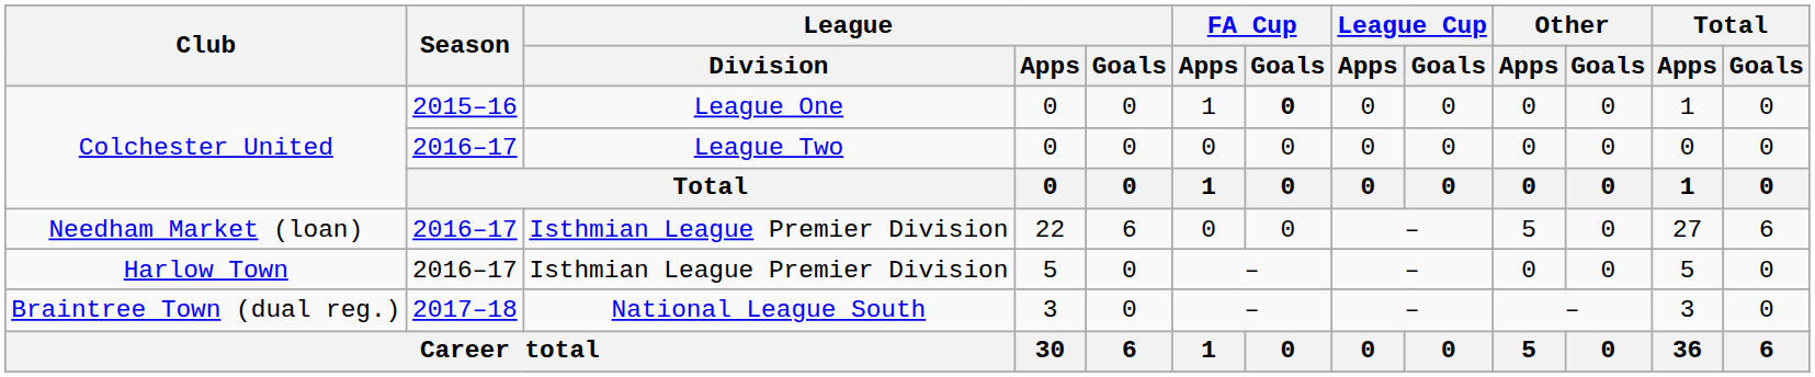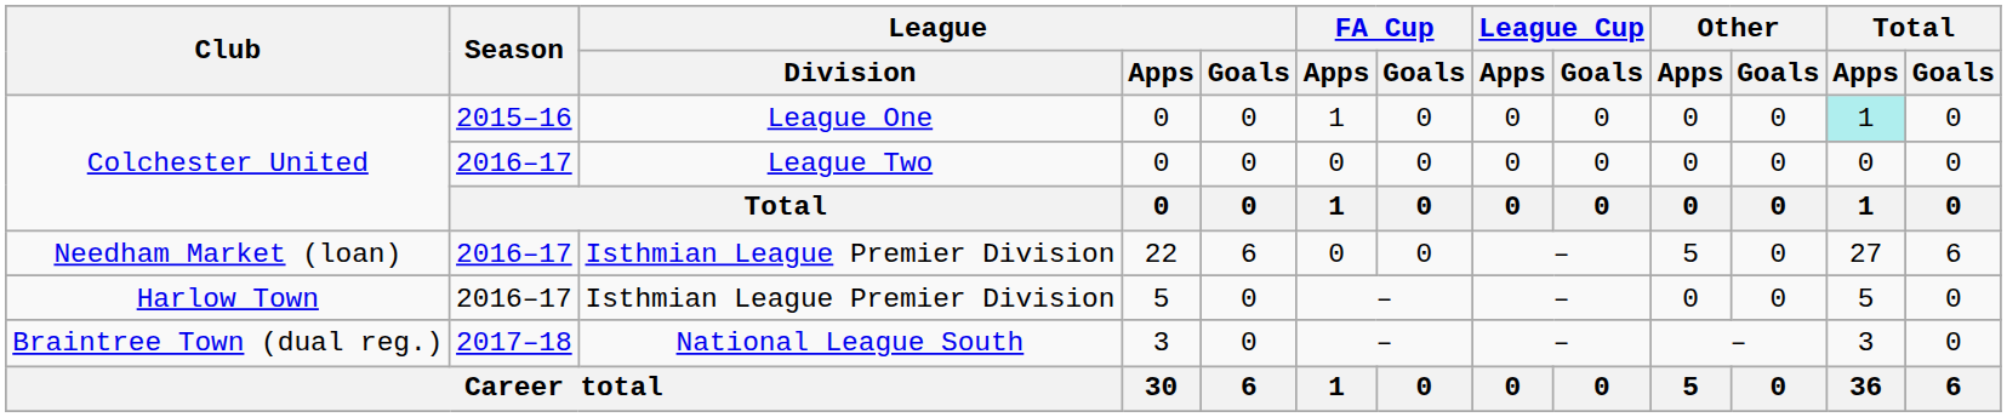 <table class=wikitable style="text-align: center;">
 <tr>
 <th rowspan=2>Club</th>
 <th rowspan=2>Season</th>
 <th colspan=3>League</th>
 <th colspan=2><a href='#'>FA Cup</a></th>
 <th colspan=2><a href='#'>League Cup</a></th>
 <th colspan=2>Other</th>
 <th colspan=2>Total</th>
 </tr>
 <tr>
 <th>Division</th>
 <th>Apps</th>
 <th>Goals</th>
 <th>Apps</th>
 <th>Goals</th>
 <th>Apps</th>
 <th>Goals</th>
 <th>Apps</th>
 <th>Goals</th>
 <th>Apps</th>
 <th>Goals</th>
 </tr>
 <tr>
 <td rowspan="3"><a href='#'>Colchester United</a></td>
 <td><a href='#'>2015–16</a></td>
 <td><a href='#'>League One</a></td>
 <td>0</td>
 <td>0</td>
 <td>1</td>
-<td><strong>0</strong></td>
 <td>0</td>
 <td>0</td>
 <td>0</td>
 <td>0</td>
-<td>1</td>
+<td>0</td>
+<td style="background: paleturquoise;">1</td>
 <td>0</td>
 </tr>
 <tr>
 <td><a href='#'>2016–17</a></td>
 <td><a href='#'>League Two</a></td>
 <td>0</td>
 <td>0</td>
 <td>0</td>
 <td>0</td>
 <td>0</td>
 <td>0</td>
 <td>0</td>
 <td>0</td>
 <td>0</td>
 <td>0</td>
 </tr>
 <tr>
 <th colspan=2>Total</th>
 <th>0</th>
 <th>0</th>
 <th>1</th>
 <th>0</th>
 <th>0</th>
 <th>0</th>
 <th>0</th>
 <th>0</th>
 <th>1</th>
 <th>0</th>
 </tr>
 <tr>
 <td><a href='#'>Needham Market</a> (loan)</td>
 <td><a href='#'>2016–17</a></td>
 <td><a href='#'>Isthmian League</a> Premier Division</td>
 <td>22</td>
 <td>6</td>
 <td>0</td>
 <td>0</td>
 <td colspan=2>–</td>
 <td>5</td>
 <td>0</td>
 <td>27</td>
 <td>6</td>
 </tr>
 <tr>
 <td><a href='#'>Harlow Town</a></td>
 <td>2016–17</td>
 <td>Isthmian League Premier Division</td>
 <td>5</td>
 <td>0</td>
 <td colspan="2">–</td>
 <td colspan=2>–</td>
 <td>0</td>
 <td>0</td>
 <td>5</td>
 <td>0</td>
 </tr>
 <tr>
 <td><a href='#'>Braintree Town</a> (dual reg.)</td>
 <td><a href='#'>2017–18</a></td>
 <td><a href='#'>National League South</a></td>
 <td>3</td>
 <td>0</td>
 <td colspan="2">–</td>
 <td colspan=2>–</td>
 <td colspan="2">–</td>
 <td>3</td>
 <td>0</td>
 </tr>
 <tr>
 <th colspan="3">Career total</th>
 <th>30</th>
 <th>6</th>
 <th>1</th>
 <th>0</th>
 <th>0</th>
 <th>0</th>
 <th>5</th>
 <th>0</th>
 <th>36</th>
 <th>6</th>
 </tr>
 </table>
